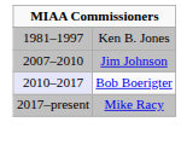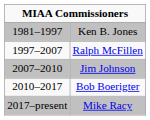 <table class="wikitable" style="float:right; font-size:85%; text-align:center; margin:0 0 0 1em">
 <tr>
 <td colspan=2><strong>MIAA Commissioners</strong></td>
 </tr>
 <tr>
 </tr>
 <tr style="text-align:center; background:silver;">
 <td>1981–1997</td>
 <td>Ken B. Jones</td>
 </tr>
+<tr>
+<td>1997–2007</td>
+<td><a href='#'>Ralph McFillen</a></td>
+</tr>
 <tr style="text-align:center; background:silver;">
 <td>2007–2010</td>
 <td><a href='#'>Jim Johnson</a></td>
 </tr>
 <tr>
-<td style="background: lavender;">2010–2017</td>
+<td>2010–2017</td>
 <td><a href='#'>Bob Boerigter</a></td>
 </tr>
 <tr style="text-align:center; background:silver;">
 <td>2017–present</td>
 <td><a href='#'>Mike Racy</a></td>
 </tr>
 </table>
